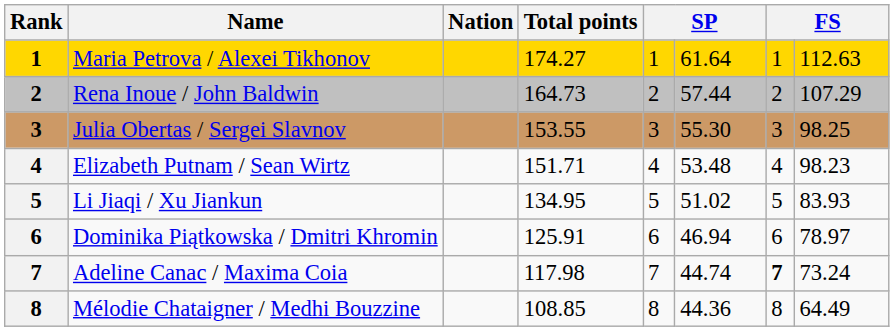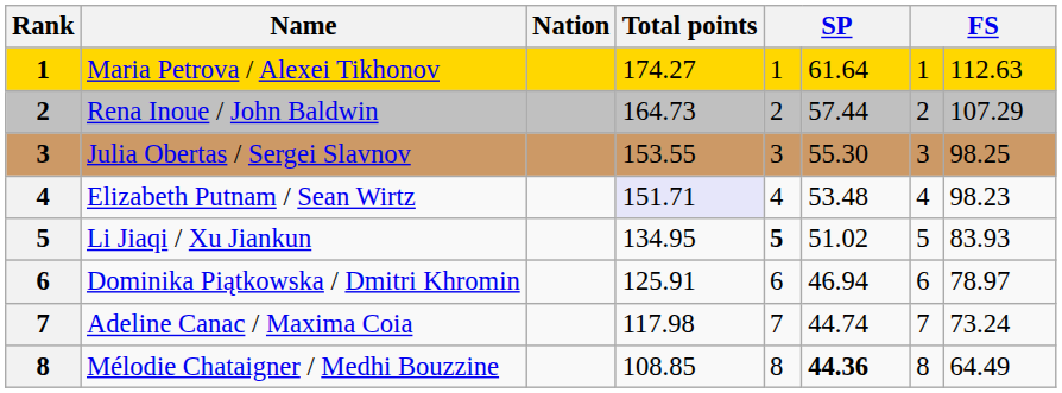 <table class="wikitable">
 <tr>
 <th>Rank</th>
 <th>Name</th>
 <th>Nation</th>
 <th>Total points</th>
 <th colspan="2" width="80px"><a href='#'>SP</a></th>
 <th colspan="2" width="80px"><a href='#'>FS</a></th>
 </tr>
 <tr bgcolor="gold">
 <td align="center"><strong>1</strong></td>
 <td><a href='#'>Maria Petrova</a> / <a href='#'>Alexei Tikhonov</a></td>
 <td></td>
 <td>174.27</td>
 <td>1</td>
 <td>61.64</td>
 <td>1</td>
 <td>112.63</td>
 </tr>
 <tr bgcolor="silver">
 <td align="center"><strong>2</strong></td>
 <td><a href='#'>Rena Inoue</a> / <a href='#'>John Baldwin</a></td>
 <td></td>
 <td>164.73</td>
 <td>2</td>
 <td>57.44</td>
 <td>2</td>
 <td>107.29</td>
 </tr>
 <tr bgcolor="cc9966">
 <td align="center"><strong>3</strong></td>
 <td><a href='#'>Julia Obertas</a> / <a href='#'>Sergei Slavnov</a></td>
 <td></td>
 <td>153.55</td>
 <td>3</td>
 <td>55.30</td>
 <td>3</td>
 <td>98.25</td>
 </tr>
 <tr>
 <th>4</th>
 <td><a href='#'>Elizabeth Putnam</a> / <a href='#'>Sean Wirtz</a></td>
 <td></td>
-<td>151.71</td>
+<td style="background: lavender;">151.71</td>
 <td>4</td>
 <td>53.48</td>
 <td>4</td>
 <td>98.23</td>
 </tr>
 <tr>
 <th>5</th>
 <td><a href='#'>Li Jiaqi</a> / <a href='#'>Xu Jiankun</a></td>
 <td></td>
 <td>134.95</td>
-<td>5</td>
+<td><strong>5</strong></td>
 <td>51.02</td>
 <td>5</td>
 <td>83.93</td>
 </tr>
 <tr>
 <th>6</th>
 <td><a href='#'>Dominika Piątkowska</a> / <a href='#'>Dmitri Khromin</a></td>
 <td></td>
 <td>125.91</td>
 <td>6</td>
 <td>46.94</td>
 <td>6</td>
 <td>78.97</td>
 </tr>
 <tr>
 <th>7</th>
 <td><a href='#'>Adeline Canac</a> / <a href='#'>Maxima Coia</a></td>
 <td></td>
 <td>117.98</td>
 <td>7</td>
 <td>44.74</td>
-<td><strong>7</strong></td>
+<td>7</td>
 <td>73.24</td>
 </tr>
 <tr>
 <th>8</th>
 <td><a href='#'>Mélodie Chataigner</a> / <a href='#'>Medhi Bouzzine</a></td>
 <td></td>
 <td>108.85</td>
 <td>8</td>
-<td>44.36</td>
+<td><strong>44.36</strong></td>
 <td>8</td>
 <td>64.49</td>
 </tr>
 </table>
